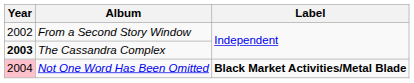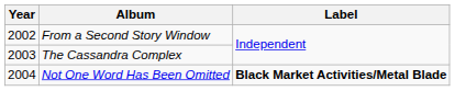 <table class=wikitable>
 <tr>
 <th>Year</th>
 <th>Album</th>
 <th>Label</th>
 </tr>
 <tr>
 <td>2002</td>
 <td><em>From a Second Story Window</em></td>
 <td rowspan=2><a href='#'>Independent</a></td>
 </tr>
 <tr>
-<td><strong>2003</strong></td>
+<td>2003</td>
 <td><em>The Cassandra Complex</em></td>
 </tr>
 <tr>
-<td style="background: pink;">2004</td>
+<td>2004</td>
 <td><em><a href='#'>Not One Word Has Been Omitted</a></em></td>
 <td><strong>Black Market Activities/Metal Blade</strong></td>
 </tr>
 </table>
